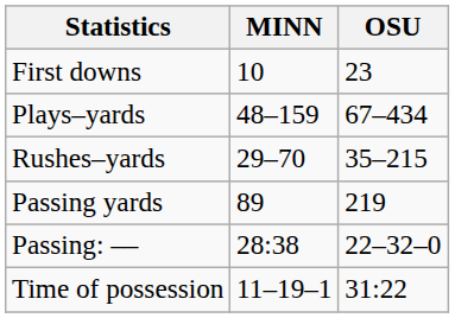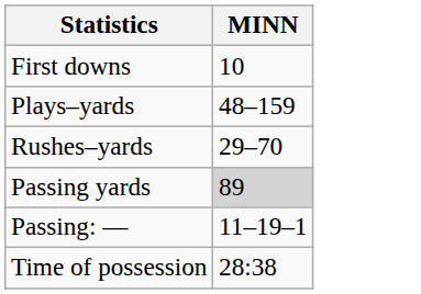 <table class="wikitable" style="float:left">
 <tr>
 <th>Statistics</th>
 <th>MINN</th>
-<th>OSU</th>
 </tr>
 <tr>
 <td>First downs</td>
 <td>10</td>
-<td>23</td>
 </tr>
 <tr>
 <td>Plays–yards</td>
 <td>48–159</td>
-<td>67–434</td>
 </tr>
 <tr>
 <td>Rushes–yards</td>
 <td>29–70</td>
-<td>35–215</td>
 </tr>
 <tr>
 <td>Passing yards</td>
-<td>89</td>
-<td>219</td>
+<td style="background: lightgrey;">89</td>
 </tr>
 <tr>
 <td>Passing: ––</td>
-<td>28:38</td>
-<td>22–32–0</td>
+<td>11–19–1</td>
 </tr>
 <tr>
 <td>Time of possession</td>
-<td>11–19–1</td>
-<td>31:22</td>
+<td>28:38</td>
 </tr>
 </table>
